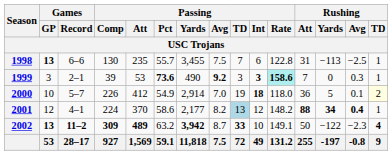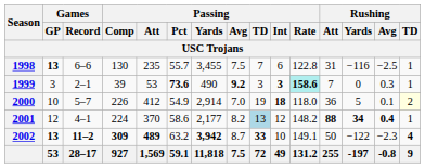 <table class="wikitable" style="text-align:center;">
 <tr>
 <th rowspan="2">Season</th>
 <th colspan="2">Games</th>
 <th colspan="8">Passing</th>
 <th colspan="4">Rushing</th>
 </tr>
 <tr>
 <th>GP</th>
 <th>Record</th>
 <th>Comp</th>
 <th>Att</th>
 <th>Pct</th>
 <th>Yards</th>
 <th>Avg</th>
 <th>TD</th>
 <th>Int</th>
 <th>Rate</th>
 <th>Att</th>
 <th>Yards</th>
 <th>Avg</th>
 <th>TD</th>
 </tr>
 <tr>
 <th colspan="16">USC Trojans</th>
 </tr>
 <tr>
 <th><a href='#'>1998</a></th>
 <td><strong>13</strong></td>
 <td>6–6</td>
 <td>130</td>
 <td>235</td>
 <td>55.7</td>
 <td>3,455</td>
 <td>7.5</td>
 <td>7</td>
 <td>6</td>
 <td>122.8</td>
 <td>31</td>
-<td>−113</td>
+<td>−116</td>
 <td>−2.5</td>
 <td>1</td>
 </tr>
 <tr>
 <th><a href='#'>1999</a></th>
 <td>3</td>
 <td>2–1</td>
 <td>39</td>
 <td>53</td>
 <td><strong>73.6</strong></td>
 <td>490</td>
 <td><strong>9.2</strong></td>
 <td>3</td>
 <td><strong>3</strong></td>
 <td style="background: paleturquoise;"><strong>158.6</strong></td>
 <td>7</td>
 <td>0</td>
 <td>0.3</td>
 <td>1</td>
 </tr>
 <tr>
 <th><a href='#'>2000</a></th>
 <td>10</td>
 <td>5–7</td>
 <td>226</td>
 <td>412</td>
 <td>54.9</td>
 <td>2,914</td>
 <td>7.0</td>
 <td>19</td>
 <td><strong>18</strong></td>
 <td>118.0</td>
 <td>36</td>
 <td>5</td>
 <td>0.1</td>
 <td style="background: lightyellow;">2</td>
 </tr>
 <tr>
 <th><a href='#'>2001</a></th>
 <td>12</td>
 <td>4–1</td>
 <td>224</td>
 <td>370</td>
 <td>58.6</td>
 <td>2,177</td>
 <td>8.2</td>
 <td style="background: lightblue;">13</td>
 <td>12</td>
 <td>148.2</td>
 <td><strong>88</strong></td>
 <td><strong>34</strong></td>
 <td><strong>0.4</strong></td>
 <td>1</td>
 </tr>
 <tr>
 <th><a href='#'>2002</a></th>
 <td><strong>13</strong></td>
 <td><strong>11–2</strong></td>
 <td><strong>309</strong></td>
 <td><strong>489</strong></td>
 <td>63.2</td>
 <td><strong>3,942</strong></td>
 <td>8.7</td>
 <td><strong>33</strong></td>
 <td>10</td>
 <td>149.1</td>
 <td>50</td>
 <td>−122</td>
 <td>−2.3</td>
 <td><strong>4</strong></td>
 </tr>
 <tr>
 <th></th>
 <th>53</th>
 <th>28–17</th>
 <th>927</th>
 <th>1,569</th>
 <th>59.1</th>
 <th>11,818</th>
 <th>7.5</th>
 <th>72</th>
 <th>49</th>
 <th>131.2</th>
 <th>255</th>
 <th>-197</th>
 <th>-0.8</th>
 <th>9</th>
 </tr>
 </table>
